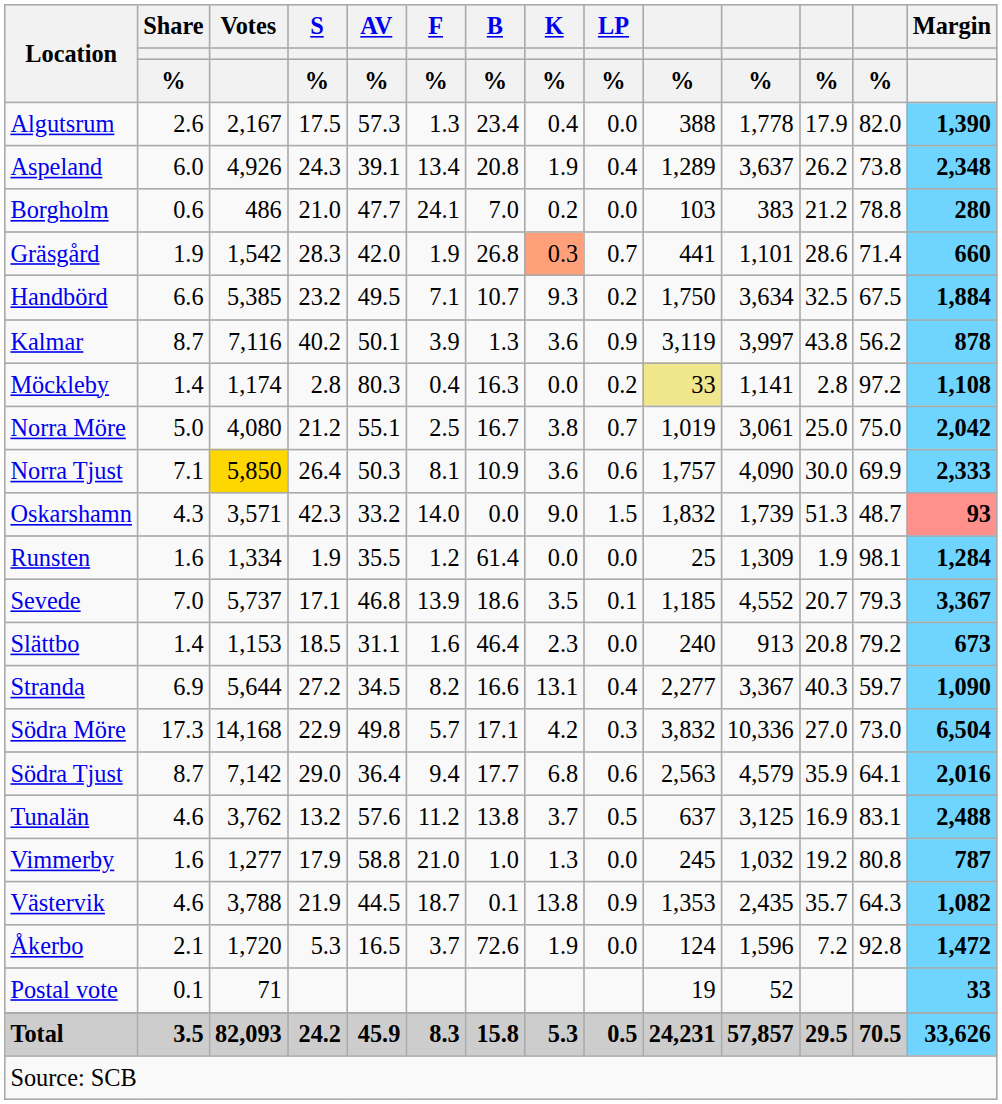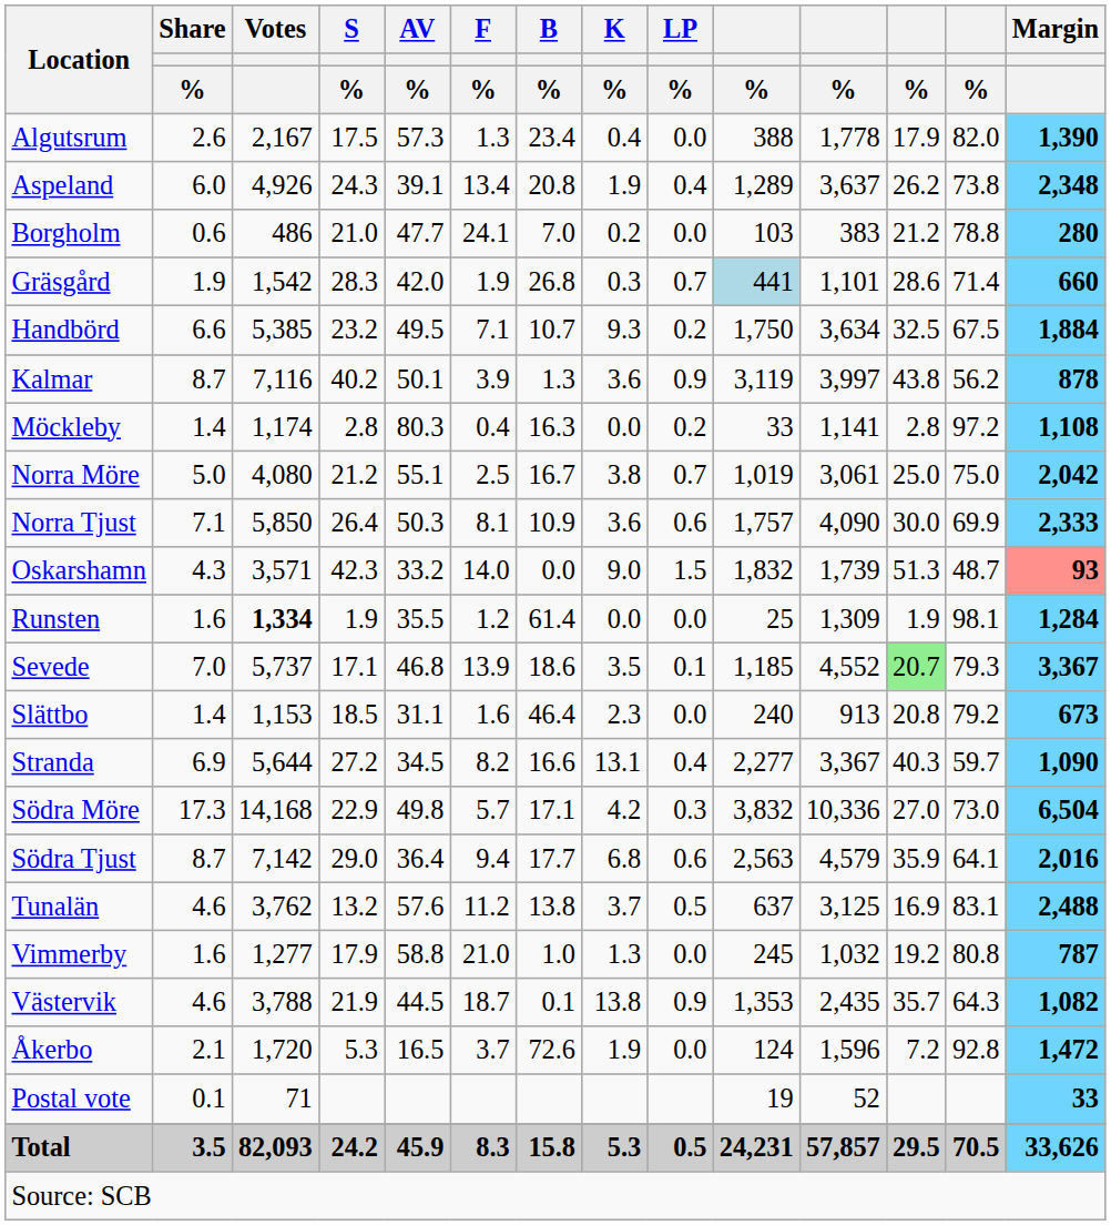 <table class="wikitable sortable" style="text-align:right; font-size:95%; line-height:20px;">
 <tr>
 <th rowspan="3">Location</th>
 <th>Share</th>
 <th>Votes</th>
 <th width="30px" class="unsortable"><a href='#'>S</a></th>
 <th width="30px" class="unsortable"><a href='#'>AV</a></th>
 <th width="30px" class="unsortable"><a href='#'>F</a></th>
 <th width="30px" class="unsortable"><a href='#'>B</a></th>
 <th width="30px" class="unsortable"><a href='#'>K</a></th>
 <th width="30px" class="unsortable"><a href='#'>LP</a></th>
 <th></th>
 <th></th>
 <th></th>
 <th></th>
 <th>Margin</th>
 </tr>
 <tr>
 <th></th>
 <th></th>
 <th style="background:"></th>
 <th style="background:"></th>
 <th style="background:"></th>
 <th style="background:"></th>
 <th style="background:"></th>
 <th style="background:"></th>
 <th style="background:"></th>
 <th style="background:"></th>
 <th style="background:"></th>
 <th style="background:"></th>
 <th></th>
 </tr>
 <tr>
 <th data-sort-type="number">%</th>
 <th></th>
 <th data-sort-type="number">%</th>
 <th data-sort-type="number">%</th>
 <th data-sort-type="number">%</th>
 <th data-sort-type="number">%</th>
 <th data-sort-type="number">%</th>
 <th data-sort-type="number">%</th>
 <th data-sort-type="number">%</th>
 <th data-sort-type="number">%</th>
 <th data-sort-type="number">%</th>
 <th data-sort-type="number">%</th>
 <th></th>
 </tr>
 <tr>
 <td align=left><a href='#'>Algutsrum</a></td>
 <td>2.6</td>
 <td>2,167</td>
 <td>17.5</td>
 <td>57.3</td>
 <td>1.3</td>
 <td>23.4</td>
 <td>0.4</td>
 <td>0.0</td>
 <td>388</td>
 <td>1,778</td>
 <td>17.9</td>
 <td>82.0</td>
 <td bgcolor=#6fd5fe><strong>1,390</strong></td>
 </tr>
 <tr>
 <td align=left><a href='#'>Aspeland</a></td>
 <td>6.0</td>
 <td>4,926</td>
 <td>24.3</td>
 <td>39.1</td>
 <td>13.4</td>
 <td>20.8</td>
 <td>1.9</td>
 <td>0.4</td>
 <td>1,289</td>
 <td>3,637</td>
 <td>26.2</td>
 <td>73.8</td>
 <td bgcolor=#6fd5fe><strong>2,348</strong></td>
 </tr>
 <tr>
 <td align=left><a href='#'>Borgholm</a></td>
 <td>0.6</td>
 <td>486</td>
 <td>21.0</td>
 <td>47.7</td>
 <td>24.1</td>
 <td>7.0</td>
 <td>0.2</td>
 <td>0.0</td>
 <td>103</td>
 <td>383</td>
 <td>21.2</td>
 <td>78.8</td>
 <td bgcolor=#6fd5fe><strong>280</strong></td>
 </tr>
 <tr>
 <td align=left><a href='#'>Gräsgård</a></td>
 <td>1.9</td>
 <td>1,542</td>
 <td>28.3</td>
 <td>42.0</td>
 <td>1.9</td>
 <td>26.8</td>
-<td style="background: lightsalmon;">0.3</td>
+<td>0.3</td>
 <td>0.7</td>
-<td>441</td>
+<td style="background: lightblue;">441</td>
 <td>1,101</td>
 <td>28.6</td>
 <td>71.4</td>
 <td bgcolor=#6fd5fe><strong>660</strong></td>
 </tr>
 <tr>
 <td align=left><a href='#'>Handbörd</a></td>
 <td>6.6</td>
 <td>5,385</td>
 <td>23.2</td>
 <td>49.5</td>
 <td>7.1</td>
 <td>10.7</td>
 <td>9.3</td>
 <td>0.2</td>
 <td>1,750</td>
 <td>3,634</td>
 <td>32.5</td>
 <td>67.5</td>
 <td bgcolor=#6fd5fe><strong>1,884</strong></td>
 </tr>
 <tr>
 <td align=left><a href='#'>Kalmar</a></td>
 <td>8.7</td>
 <td>7,116</td>
 <td>40.2</td>
 <td>50.1</td>
 <td>3.9</td>
 <td>1.3</td>
 <td>3.6</td>
 <td>0.9</td>
 <td>3,119</td>
 <td>3,997</td>
 <td>43.8</td>
 <td>56.2</td>
 <td bgcolor=#6fd5fe><strong>878</strong></td>
 </tr>
 <tr>
 <td align=left><a href='#'>Möckleby</a></td>
 <td>1.4</td>
 <td>1,174</td>
 <td>2.8</td>
 <td>80.3</td>
 <td>0.4</td>
 <td>16.3</td>
 <td>0.0</td>
 <td>0.2</td>
-<td style="background: khaki;">33</td>
+<td>33</td>
 <td>1,141</td>
 <td>2.8</td>
 <td>97.2</td>
 <td bgcolor=#6fd5fe><strong>1,108</strong></td>
 </tr>
 <tr>
 <td align=left><a href='#'>Norra Möre</a></td>
 <td>5.0</td>
 <td>4,080</td>
 <td>21.2</td>
 <td>55.1</td>
 <td>2.5</td>
 <td>16.7</td>
 <td>3.8</td>
 <td>0.7</td>
 <td>1,019</td>
 <td>3,061</td>
 <td>25.0</td>
 <td>75.0</td>
 <td bgcolor=#6fd5fe><strong>2,042</strong></td>
 </tr>
 <tr>
 <td align=left><a href='#'>Norra Tjust</a></td>
 <td>7.1</td>
-<td style="background: gold;">5,850</td>
+<td>5,850</td>
 <td>26.4</td>
 <td>50.3</td>
 <td>8.1</td>
 <td>10.9</td>
 <td>3.6</td>
 <td>0.6</td>
 <td>1,757</td>
 <td>4,090</td>
 <td>30.0</td>
 <td>69.9</td>
 <td bgcolor=#6fd5fe><strong>2,333</strong></td>
 </tr>
 <tr>
 <td align=left><a href='#'>Oskarshamn</a></td>
 <td>4.3</td>
 <td>3,571</td>
 <td>42.3</td>
 <td>33.2</td>
 <td>14.0</td>
 <td>0.0</td>
 <td>9.0</td>
 <td>1.5</td>
 <td>1,832</td>
 <td>1,739</td>
 <td>51.3</td>
 <td>48.7</td>
 <td bgcolor=#ff908c><strong>93</strong></td>
 </tr>
 <tr>
 <td align=left><a href='#'>Runsten</a></td>
 <td>1.6</td>
-<td>1,334</td>
+<td><strong>1,334</strong></td>
 <td>1.9</td>
 <td>35.5</td>
 <td>1.2</td>
 <td>61.4</td>
 <td>0.0</td>
 <td>0.0</td>
 <td>25</td>
 <td>1,309</td>
 <td>1.9</td>
 <td>98.1</td>
 <td bgcolor=#6fd5fe><strong>1,284</strong></td>
 </tr>
 <tr>
 <td align=left><a href='#'>Sevede</a></td>
 <td>7.0</td>
 <td>5,737</td>
 <td>17.1</td>
 <td>46.8</td>
 <td>13.9</td>
 <td>18.6</td>
 <td>3.5</td>
 <td>0.1</td>
 <td>1,185</td>
 <td>4,552</td>
-<td>20.7</td>
+<td style="background: lightgreen;">20.7</td>
 <td>79.3</td>
 <td bgcolor=#6fd5fe><strong>3,367</strong></td>
 </tr>
 <tr>
 <td align=left><a href='#'>Slättbo</a></td>
 <td>1.4</td>
 <td>1,153</td>
 <td>18.5</td>
 <td>31.1</td>
 <td>1.6</td>
 <td>46.4</td>
 <td>2.3</td>
 <td>0.0</td>
 <td>240</td>
 <td>913</td>
 <td>20.8</td>
 <td>79.2</td>
 <td bgcolor=#6fd5fe><strong>673</strong></td>
 </tr>
 <tr>
 <td align=left><a href='#'>Stranda</a></td>
 <td>6.9</td>
 <td>5,644</td>
 <td>27.2</td>
 <td>34.5</td>
 <td>8.2</td>
 <td>16.6</td>
 <td>13.1</td>
 <td>0.4</td>
 <td>2,277</td>
 <td>3,367</td>
 <td>40.3</td>
 <td>59.7</td>
 <td bgcolor=#6fd5fe><strong>1,090</strong></td>
 </tr>
 <tr>
 <td align=left><a href='#'>Södra Möre</a></td>
 <td>17.3</td>
 <td>14,168</td>
 <td>22.9</td>
 <td>49.8</td>
 <td>5.7</td>
 <td>17.1</td>
 <td>4.2</td>
 <td>0.3</td>
 <td>3,832</td>
 <td>10,336</td>
 <td>27.0</td>
 <td>73.0</td>
 <td bgcolor=#6fd5fe><strong>6,504</strong></td>
 </tr>
 <tr>
 <td align=left><a href='#'>Södra Tjust</a></td>
 <td>8.7</td>
 <td>7,142</td>
 <td>29.0</td>
 <td>36.4</td>
 <td>9.4</td>
 <td>17.7</td>
 <td>6.8</td>
 <td>0.6</td>
 <td>2,563</td>
 <td>4,579</td>
 <td>35.9</td>
 <td>64.1</td>
 <td bgcolor=#6fd5fe><strong>2,016</strong></td>
 </tr>
 <tr>
 <td align=left><a href='#'>Tunalän</a></td>
 <td>4.6</td>
 <td>3,762</td>
 <td>13.2</td>
 <td>57.6</td>
 <td>11.2</td>
 <td>13.8</td>
 <td>3.7</td>
 <td>0.5</td>
 <td>637</td>
 <td>3,125</td>
 <td>16.9</td>
 <td>83.1</td>
 <td bgcolor=#6fd5fe><strong>2,488</strong></td>
 </tr>
 <tr>
 <td align=left><a href='#'>Vimmerby</a></td>
 <td>1.6</td>
 <td>1,277</td>
 <td>17.9</td>
 <td>58.8</td>
 <td>21.0</td>
 <td>1.0</td>
 <td>1.3</td>
 <td>0.0</td>
 <td>245</td>
 <td>1,032</td>
 <td>19.2</td>
 <td>80.8</td>
 <td bgcolor=#6fd5fe><strong>787</strong></td>
 </tr>
 <tr>
 <td align=left><a href='#'>Västervik</a></td>
 <td>4.6</td>
 <td>3,788</td>
 <td>21.9</td>
 <td>44.5</td>
 <td>18.7</td>
 <td>0.1</td>
 <td>13.8</td>
 <td>0.9</td>
 <td>1,353</td>
 <td>2,435</td>
 <td>35.7</td>
 <td>64.3</td>
 <td bgcolor=#6fd5fe><strong>1,082</strong></td>
 </tr>
 <tr>
 <td align=left><a href='#'>Åkerbo</a></td>
 <td>2.1</td>
 <td>1,720</td>
 <td>5.3</td>
 <td>16.5</td>
 <td>3.7</td>
 <td>72.6</td>
 <td>1.9</td>
 <td>0.0</td>
 <td>124</td>
 <td>1,596</td>
 <td>7.2</td>
 <td>92.8</td>
 <td bgcolor=#6fd5fe><strong>1,472</strong></td>
 </tr>
 <tr>
 <td align=left><a href='#'>Postal vote</a></td>
 <td>0.1</td>
 <td>71</td>
 <td></td>
 <td></td>
 <td></td>
 <td></td>
 <td></td>
 <td></td>
 <td>19</td>
 <td>52</td>
 <td></td>
 <td></td>
 <td bgcolor=#6fd5fe><strong>33</strong></td>
 </tr>
 <tr>
 </tr>
 <tr style="background:#CDCDCD;">
 <td align=left><strong>Total</strong></td>
 <td><strong>3.5</strong></td>
 <td><strong>82,093</strong></td>
 <td><strong>24.2</strong></td>
 <td><strong>45.9</strong></td>
 <td><strong>8.3</strong></td>
 <td><strong>15.8</strong></td>
 <td><strong>5.3</strong></td>
 <td><strong>0.5</strong></td>
 <td><strong>24,231</strong></td>
 <td><strong>57,857</strong></td>
 <td><strong>29.5</strong></td>
 <td><strong>70.5</strong></td>
 <td bgcolor=#6fd5fe><strong>33,626</strong></td>
 </tr>
 <tr>
 <td align=left colspan=14>Source: SCB </td>
 </tr>
 </table>
